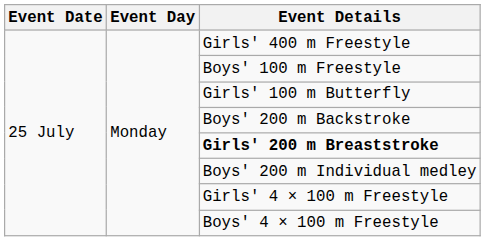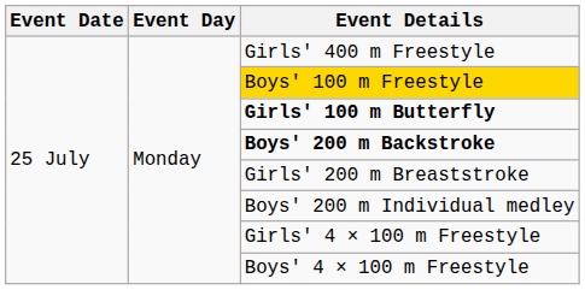 <table class="wikitable">
 <tr>
 <th>Event Date</th>
 <th>Event Day</th>
 <th>Event Details</th>
 </tr>
 <tr>
 <td rowspan=8>25 July</td>
 <td rowspan=8>Monday</td>
 <td>Girls' 400 m Freestyle</td>
 </tr>
 <tr>
-<td>Boys' 100 m Freestyle</td>
+<td style="background: gold;">Boys' 100 m Freestyle</td>
 </tr>
 <tr>
-<td>Girls' 100 m Butterfly</td>
+<td><strong>Girls' 100 m Butterfly</strong></td>
 </tr>
 <tr>
-<td>Boys' 200 m Backstroke</td>
+<td><strong>Boys' 200 m Backstroke</strong></td>
 </tr>
 <tr>
-<td><strong>Girls' 200 m Breaststroke</strong></td>
+<td>Girls' 200 m Breaststroke</td>
 </tr>
 <tr>
 <td>Boys' 200 m Individual medley</td>
 </tr>
 <tr>
 <td>Girls' 4 × 100 m Freestyle</td>
 </tr>
 <tr>
 <td>Boys' 4 × 100 m Freestyle</td>
 </tr>
 </table>
